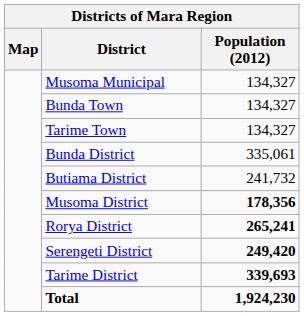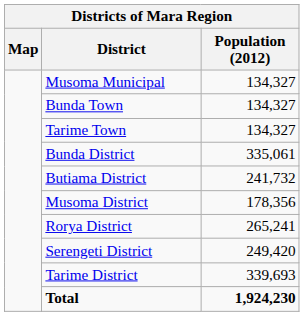 <table class="wikitable">
 <tr>
 <th colspan="7">Districts of Mara Region</th>
 </tr>
 <tr style="text-align:center;">
 <th>Map</th>
 <th style="width: 10em">District</th>
 <th style="width: 6em">Population<br>(2012)</th>
 </tr>
 <tr>
 <td rowspan=10></td>
 <td><a href='#'>Musoma Municipal</a></td>
 <td style="text-align:right;">134,327</td>
 </tr>
 <tr>
 <td><a href='#'>Bunda Town</a></td>
 <td style="text-align:right;">134,327</td>
 </tr>
 <tr>
 <td><a href='#'>Tarime Town</a></td>
 <td style="text-align:right;">134,327</td>
 </tr>
 <tr>
 <td><a href='#'>Bunda District</a></td>
 <td style="text-align:right;">335,061</td>
 </tr>
 <tr>
 <td><a href='#'>Butiama District</a></td>
 <td style="text-align:right;">241,732</td>
 </tr>
 <tr>
 <td><a href='#'>Musoma District</a></td>
-<td style="text-align:right;"><strong>178,356</strong></td>
+<td style="text-align:right;">178,356</td>
 </tr>
 <tr>
 <td><a href='#'>Rorya District</a></td>
-<td style="text-align:right;"><strong>265,241</strong></td>
+<td style="text-align:right;">265,241</td>
 </tr>
 <tr>
 <td><a href='#'>Serengeti District</a></td>
-<td style="text-align:right;"><strong>249,420</strong></td>
+<td style="text-align:right;">249,420</td>
 </tr>
 <tr>
 <td><a href='#'>Tarime District</a></td>
-<td style="text-align:right;"><strong>339,693</strong></td>
+<td style="text-align:right;">339,693</td>
 </tr>
 <tr>
 <td><strong>Total</strong></td>
 <td style="text-align:right;"><strong>1,924,230</strong></td>
 </tr>
 </table>
